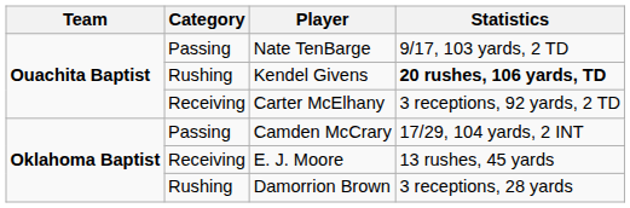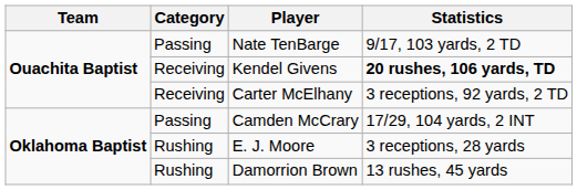 <table class="wikitable" style="float: right;">
 <tr>
 <th>Team</th>
 <th>Category</th>
 <th>Player</th>
 <th>Statistics</th>
 </tr>
 <tr>
 <td rowspan=3><strong>Ouachita Baptist</strong></td>
 <td>Passing</td>
 <td>Nate TenBarge</td>
 <td>9/17, 103 yards, 2 TD</td>
 </tr>
 <tr>
-<td>Rushing</td>
+<td>Receiving</td>
 <td>Kendel Givens</td>
 <td><strong>20 rushes, 106 yards, TD</strong></td>
 </tr>
 <tr>
 <td>Receiving</td>
 <td>Carter McElhany</td>
 <td>3 receptions, 92 yards, 2 TD</td>
 </tr>
 <tr>
 <td rowspan=3><strong>Oklahoma Baptist</strong></td>
 <td>Passing</td>
 <td>Camden McCrary</td>
 <td>17/29, 104 yards, 2 INT</td>
 </tr>
 <tr>
-<td>Receiving</td>
+<td>Rushing</td>
 <td>E. J. Moore</td>
-<td>13 rushes, 45 yards</td>
+<td>3 receptions, 28 yards</td>
 </tr>
 <tr>
 <td>Rushing</td>
 <td>Damorrion Brown</td>
-<td>3 receptions, 28 yards</td>
+<td>13 rushes, 45 yards</td>
 </tr>
 </table>
